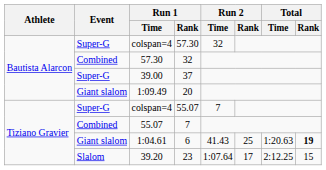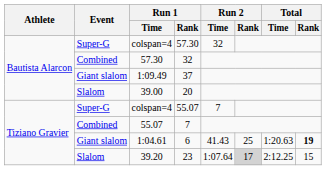 <table class="wikitable" style="font-size:90%">
 <tr>
 <th rowspan=2>Athlete</th>
 <th rowspan=2>Event</th>
 <th colspan=2>Run 1</th>
 <th colspan=2>Run 2</th>
 <th colspan=2>Total</th>
 </tr>
 <tr style="font-size:95%">
 <th>Time</th>
 <th>Rank</th>
 <th>Time</th>
 <th>Rank</th>
 <th>Time</th>
 <th>Rank</th>
 </tr>
 <tr align=center>
 <td align="left" rowspan="4"><a href='#'>Bautista Alarcon</a><br></td>
 <td align="left"><a href='#'>Super-G</a></td>
 <td>colspan=4</td>
 <td>57.30</td>
 <td>32</td>
 </tr>
 <tr align=center>
 <td align="left"><a href='#'>Combined</a></td>
 <td>57.30</td>
 <td>32</td>
 <td colspan=4></td>
 </tr>
 <tr align=center>
-<td align="left"><a href='#'>Super-G</a></td>
-<td>39.00</td>
+<td align="left"><a href='#'>Giant slalom</a></td>
+<td>1:09.49</td>
 <td>37</td>
 <td colspan=4></td>
 </tr>
 <tr align=center>
-<td align="left"><a href='#'>Giant slalom</a></td>
-<td>1:09.49</td>
+<td align="left"><a href='#'>Slalom</a></td>
+<td>39.00</td>
 <td>20</td>
 <td colspan=4></td>
 </tr>
 <tr align=center>
 <td align="left" rowspan="4"><a href='#'>Tiziano Gravier</a><br></td>
 <td align="left"><a href='#'>Super-G</a></td>
 <td>colspan=4</td>
 <td>55.07</td>
 <td>7</td>
 </tr>
 <tr align=center>
 <td align="left"><a href='#'>Combined</a></td>
 <td>55.07</td>
 <td>7</td>
 <td colspan=4></td>
 </tr>
 <tr align=center>
 <td align="left"><a href='#'>Giant slalom</a></td>
 <td>1:04.61</td>
 <td>6</td>
 <td>41.43</td>
 <td>25</td>
 <td>1:20.63</td>
 <td><strong>19</strong></td>
 </tr>
 <tr align=center>
 <td align="left"><a href='#'>Slalom</a></td>
 <td>39.20</td>
 <td>23</td>
 <td>1:07.64</td>
-<td>17</td>
+<td style="background: lightgrey;">17</td>
 <td>2:12.25</td>
 <td>15</td>
 </tr>
 </table>
